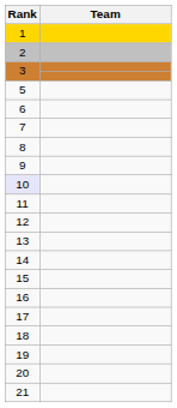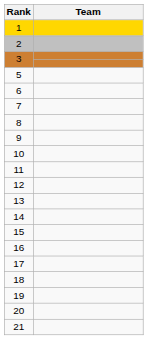 <table class="wikitable">
 <tr>
 <th>Rank</th>
 <th width=170>Team</th>
 </tr>
 <tr bgcolor=gold>
 <td align=center>1</td>
 <td></td>
 </tr>
 <tr bgcolor=silver>
 <td align=center>2</td>
 <td></td>
 </tr>
 <tr bgcolor=CD7F32>
 <td rowspan=2 align=center>3</td>
 <td></td>
 </tr>
 <tr bgcolor=CD7F32>
 <td></td>
 </tr>
 <tr>
 <td align=center>5</td>
 <td></td>
 </tr>
 <tr>
 <td align=center>6</td>
 <td></td>
 </tr>
 <tr>
 <td align=center>7</td>
 <td></td>
 </tr>
 <tr>
 <td align=center>8</td>
 <td></td>
 </tr>
 <tr>
 <td align=center>9</td>
 <td></td>
 </tr>
 <tr>
-<td align=center style="background: lavender;">10</td>
+<td align=center>10</td>
 <td></td>
 </tr>
 <tr>
 <td align=center>11</td>
 <td></td>
 </tr>
 <tr>
 <td align=center>12</td>
 <td></td>
 </tr>
 <tr>
 <td align=center>13</td>
 <td></td>
 </tr>
 <tr>
 <td align=center>14</td>
 <td></td>
 </tr>
 <tr>
 <td align=center>15</td>
 <td></td>
 </tr>
 <tr>
 <td align=center>16</td>
 <td></td>
 </tr>
 <tr>
 <td align=center>17</td>
 <td></td>
 </tr>
 <tr>
 <td align=center>18</td>
 <td></td>
 </tr>
 <tr>
 <td align=center>19</td>
 <td></td>
 </tr>
 <tr>
 <td align=center>20</td>
 <td></td>
 </tr>
 <tr>
 <td align=center>21</td>
 <td></td>
 </tr>
 </table>
